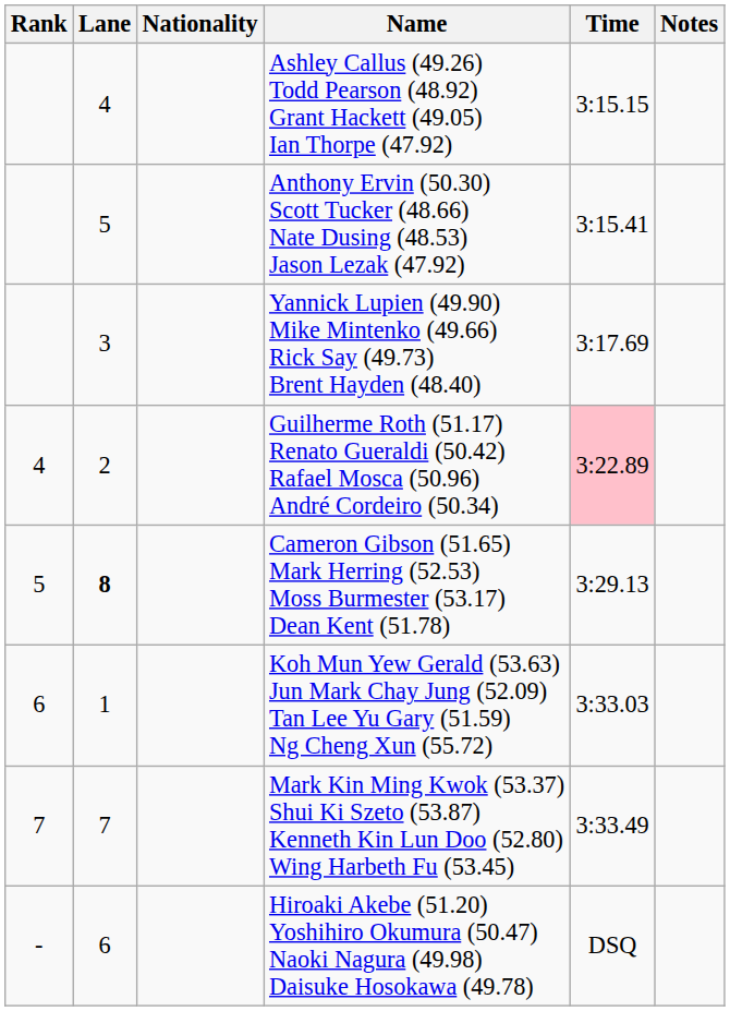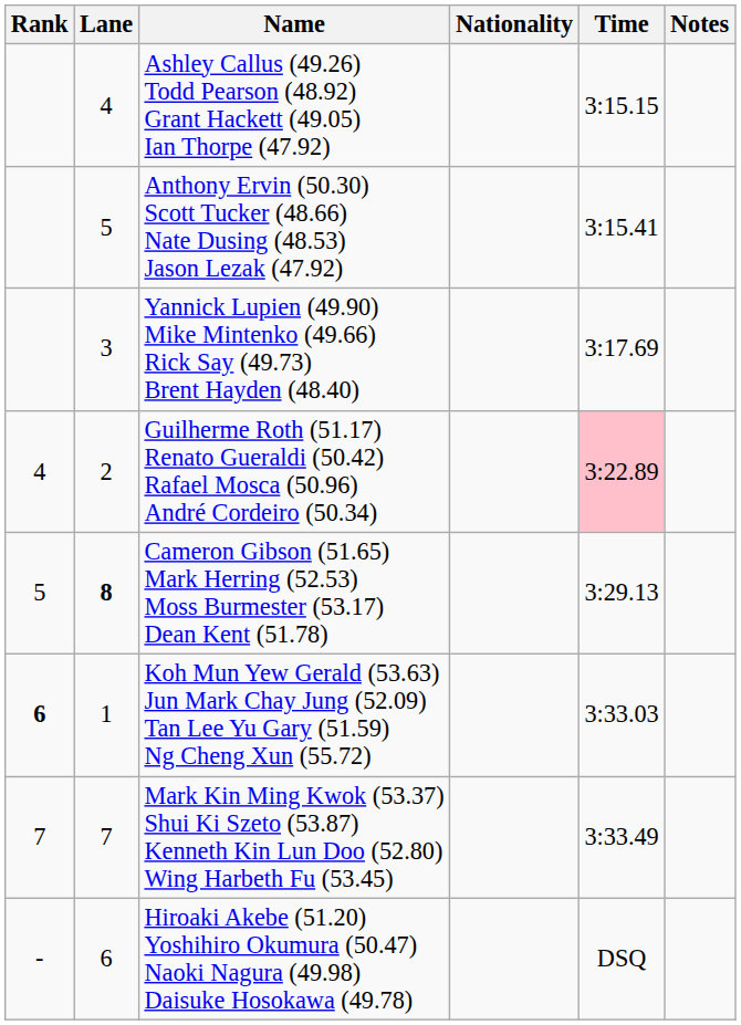 <table class="wikitable sortable" style="text-align:center">
 <tr>
 <th>Rank</th>
 <th>Lane</th>
+<th>Name</th>
 <th>Nationality</th>
-<th>Name</th>
 <th>Time</th>
 <th>Notes</th>
 </tr>
 <tr>
 <td></td>
 <td>4</td>
+<td align=left><a href='#'>Ashley Callus</a> (49.26) <br> <a href='#'>Todd Pearson</a> (48.92) <br> <a href='#'>Grant Hackett</a> (49.05) <br> <a href='#'>Ian Thorpe</a> (47.92)</td>
 <td align=left></td>
-<td align=left><a href='#'>Ashley Callus</a> (49.26) <br> <a href='#'>Todd Pearson</a> (48.92) <br> <a href='#'>Grant Hackett</a> (49.05) <br> <a href='#'>Ian Thorpe</a> (47.92)</td>
 <td>3:15.15</td>
 <td></td>
 </tr>
 <tr>
 <td></td>
 <td>5</td>
+<td align=left><a href='#'>Anthony Ervin</a> (50.30) <br> <a href='#'>Scott Tucker</a> (48.66) <br> <a href='#'>Nate Dusing</a> (48.53) <br> <a href='#'>Jason Lezak</a> (47.92)</td>
 <td align=left></td>
-<td align=left><a href='#'>Anthony Ervin</a> (50.30) <br> <a href='#'>Scott Tucker</a> (48.66) <br> <a href='#'>Nate Dusing</a> (48.53) <br> <a href='#'>Jason Lezak</a> (47.92)</td>
 <td>3:15.41</td>
 <td></td>
 </tr>
 <tr>
 <td></td>
 <td>3</td>
+<td align=left><a href='#'>Yannick Lupien</a> (49.90) <br> <a href='#'>Mike Mintenko</a> (49.66) <br> <a href='#'>Rick Say</a> (49.73) <br> <a href='#'>Brent Hayden</a> (48.40)</td>
 <td align=left></td>
-<td align=left><a href='#'>Yannick Lupien</a> (49.90) <br> <a href='#'>Mike Mintenko</a> (49.66) <br> <a href='#'>Rick Say</a> (49.73) <br> <a href='#'>Brent Hayden</a> (48.40)</td>
 <td>3:17.69</td>
 <td></td>
 </tr>
 <tr>
 <td>4</td>
 <td>2</td>
+<td align=left><a href='#'>Guilherme Roth</a> (51.17) <br><a href='#'>Renato Gueraldi</a> (50.42) <br><a href='#'>Rafael Mosca</a> (50.96) <br><a href='#'>André Cordeiro</a> (50.34)</td>
 <td align=left></td>
-<td align=left><a href='#'>Guilherme Roth</a> (51.17) <br><a href='#'>Renato Gueraldi</a> (50.42) <br><a href='#'>Rafael Mosca</a> (50.96) <br><a href='#'>André Cordeiro</a> (50.34)</td>
 <td style="background: pink;">3:22.89</td>
 <td></td>
 </tr>
 <tr>
 <td>5</td>
 <td><strong>8</strong></td>
+<td align=left><a href='#'>Cameron Gibson</a> (51.65) <br> <a href='#'>Mark Herring</a> (52.53) <br> <a href='#'>Moss Burmester</a> (53.17) <br> <a href='#'>Dean Kent</a> (51.78)</td>
 <td align=left></td>
-<td align=left><a href='#'>Cameron Gibson</a> (51.65) <br> <a href='#'>Mark Herring</a> (52.53) <br> <a href='#'>Moss Burmester</a> (53.17) <br> <a href='#'>Dean Kent</a> (51.78)</td>
 <td>3:29.13</td>
 <td></td>
 </tr>
 <tr>
-<td>6</td>
+<td><strong>6</strong></td>
 <td>1</td>
+<td align=left><a href='#'>Koh Mun Yew Gerald</a> (53.63) <br> <a href='#'>Jun Mark Chay Jung</a> (52.09) <br> <a href='#'>Tan Lee Yu Gary</a> (51.59) <br> <a href='#'>Ng Cheng Xun</a> (55.72)</td>
 <td align=left></td>
-<td align=left><a href='#'>Koh Mun Yew Gerald</a> (53.63) <br> <a href='#'>Jun Mark Chay Jung</a> (52.09) <br> <a href='#'>Tan Lee Yu Gary</a> (51.59) <br> <a href='#'>Ng Cheng Xun</a> (55.72)</td>
 <td>3:33.03</td>
 <td></td>
 </tr>
 <tr>
 <td>7</td>
 <td>7</td>
+<td align=left><a href='#'>Mark Kin Ming Kwok</a> (53.37) <br> <a href='#'>Shui Ki Szeto</a> (53.87) <br> <a href='#'>Kenneth Kin Lun Doo</a> (52.80) <br> <a href='#'>Wing Harbeth Fu</a> (53.45)</td>
 <td align=left></td>
-<td align=left><a href='#'>Mark Kin Ming Kwok</a> (53.37) <br> <a href='#'>Shui Ki Szeto</a> (53.87) <br> <a href='#'>Kenneth Kin Lun Doo</a> (52.80) <br> <a href='#'>Wing Harbeth Fu</a> (53.45)</td>
 <td>3:33.49</td>
 <td></td>
 </tr>
 <tr>
 <td>-</td>
 <td>6</td>
+<td align=left><a href='#'>Hiroaki Akebe</a> (51.20) <br> <a href='#'>Yoshihiro Okumura</a> (50.47) <br> <a href='#'>Naoki Nagura</a> (49.98) <br> <a href='#'>Daisuke Hosokawa</a> (49.78)</td>
 <td align=left></td>
-<td align=left><a href='#'>Hiroaki Akebe</a> (51.20) <br> <a href='#'>Yoshihiro Okumura</a> (50.47) <br> <a href='#'>Naoki Nagura</a> (49.98) <br> <a href='#'>Daisuke Hosokawa</a> (49.78)</td>
 <td>DSQ</td>
 <td></td>
 </tr>
 </table>
